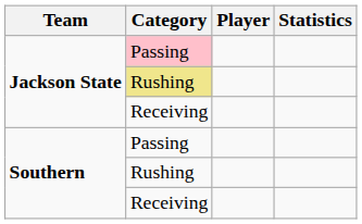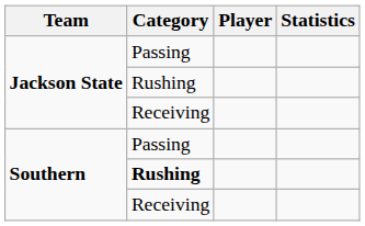 <table class="wikitable" style="float: left;">
 <tr>
 <th>Team</th>
 <th>Category</th>
 <th>Player</th>
 <th>Statistics</th>
 </tr>
 <tr>
 <td rowspan=3><strong>Jackson State</strong></td>
-<td style="background: pink;">Passing</td>
+<td>Passing</td>
 <td></td>
 <td> </td>
 </tr>
 <tr>
-<td style="background: khaki;">Rushing</td>
+<td>Rushing</td>
 <td></td>
 <td> </td>
 </tr>
 <tr>
 <td>Receiving</td>
 <td></td>
 <td> </td>
 </tr>
 <tr>
 <td rowspan=3><strong>Southern</strong></td>
 <td>Passing</td>
 <td></td>
 <td> </td>
 </tr>
 <tr>
-<td>Rushing</td>
+<td><strong>Rushing</strong></td>
 <td></td>
 <td> </td>
 </tr>
 <tr>
 <td>Receiving</td>
 <td></td>
 <td> </td>
 </tr>
 </table>
